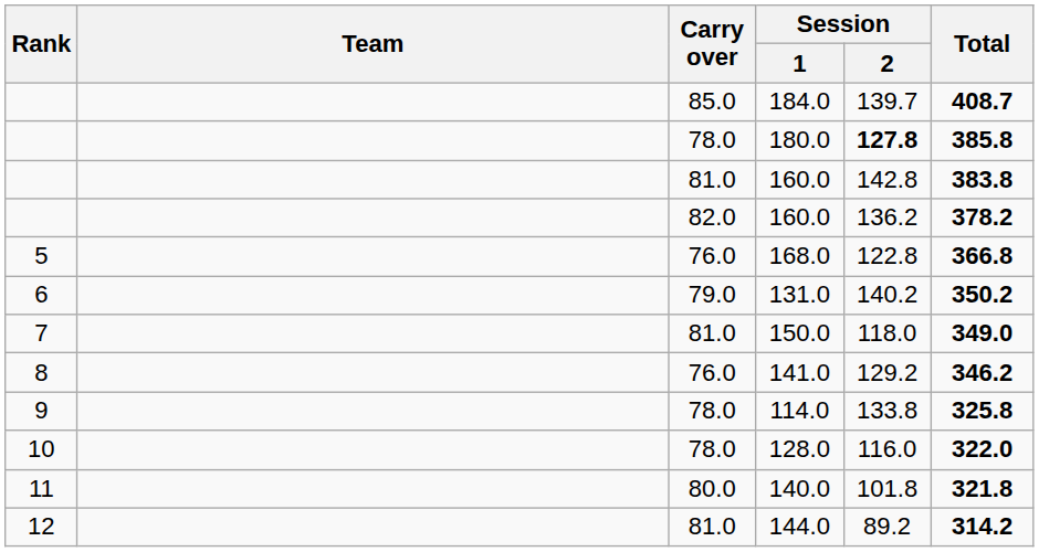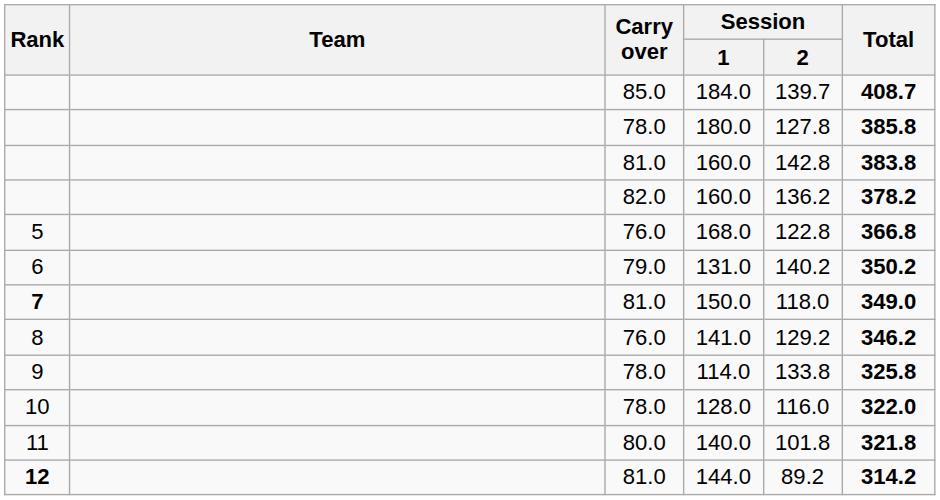 <table class=wikitable style="text-align:center">
 <tr>
 <th rowspan="2" width=40>Rank</th>
 <th rowspan="2" width=380>Team</th>
 <th rowspan=2 width=50>Carry over</th>
 <th colspan=2>Session</th>
 <th rowspan=2 width=60>Total</th>
 </tr>
 <tr>
 <th width=50>1</th>
 <th width=50>2</th>
 </tr>
 <tr>
 <td></td>
 <td align=left></td>
 <td>85.0</td>
 <td>184.0</td>
 <td>139.7</td>
 <td><strong>408.7</strong></td>
 </tr>
 <tr>
 <td></td>
 <td align=left></td>
 <td>78.0</td>
 <td>180.0</td>
-<td><strong>127.8</strong></td>
+<td>127.8</td>
 <td><strong>385.8</strong></td>
 </tr>
 <tr>
 <td></td>
 <td align=left></td>
 <td>81.0</td>
 <td>160.0</td>
 <td>142.8</td>
 <td><strong>383.8</strong></td>
 </tr>
 <tr>
 <td></td>
 <td align=left></td>
 <td>82.0</td>
 <td>160.0</td>
 <td>136.2</td>
 <td><strong>378.2</strong></td>
 </tr>
 <tr>
 <td>5</td>
 <td align=left></td>
 <td>76.0</td>
 <td>168.0</td>
 <td>122.8</td>
 <td><strong>366.8</strong></td>
 </tr>
 <tr>
 <td>6</td>
 <td align=left></td>
 <td>79.0</td>
 <td>131.0</td>
 <td>140.2</td>
 <td><strong>350.2</strong></td>
 </tr>
 <tr>
-<td>7</td>
+<td><strong>7</strong></td>
 <td align=left></td>
 <td>81.0</td>
 <td>150.0</td>
 <td>118.0</td>
 <td><strong>349.0</strong></td>
 </tr>
 <tr>
 <td>8</td>
 <td align=left></td>
 <td>76.0</td>
 <td>141.0</td>
 <td>129.2</td>
 <td><strong>346.2</strong></td>
 </tr>
 <tr>
 <td>9</td>
 <td align=left></td>
 <td>78.0</td>
 <td>114.0</td>
 <td>133.8</td>
 <td><strong>325.8</strong></td>
 </tr>
 <tr>
 <td>10</td>
 <td align=left></td>
 <td>78.0</td>
 <td>128.0</td>
 <td>116.0</td>
 <td><strong>322.0</strong></td>
 </tr>
 <tr>
 <td>11</td>
 <td align=left></td>
 <td>80.0</td>
 <td>140.0</td>
 <td>101.8</td>
 <td><strong>321.8</strong></td>
 </tr>
 <tr>
-<td>12</td>
+<td><strong>12</strong></td>
 <td align=left></td>
 <td>81.0</td>
 <td>144.0</td>
 <td>89.2</td>
 <td><strong>314.2</strong></td>
 </tr>
 </table>
